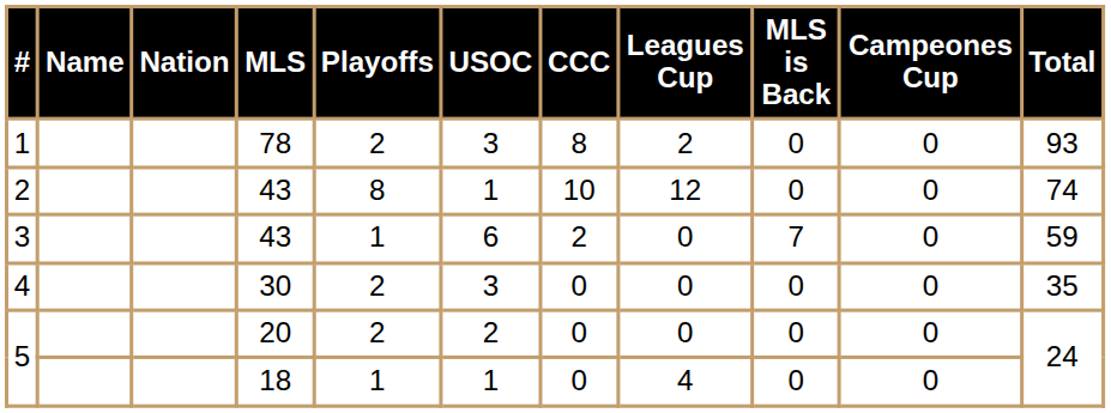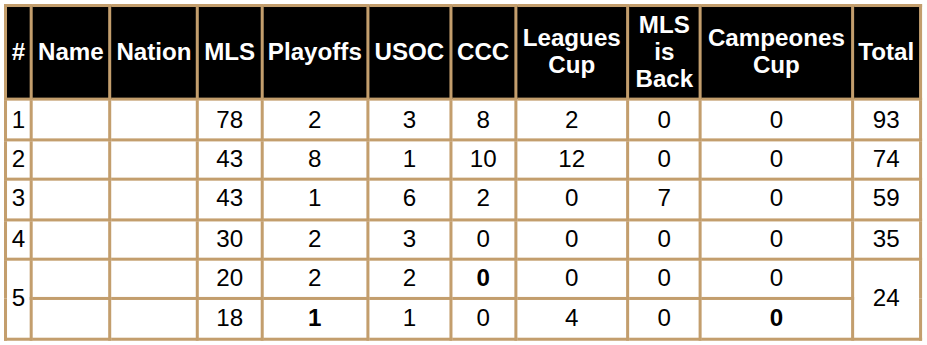 <table class="wikitable sortable" style="text-align:center;">
 <tr>
 <th style="background:#000; color:#FFF; border:2px solid #C39E6D;;" scope="col">#</th>
 <th style="background:#000; color:#FFF; border:2px solid #C39E6D;;" scope="col">Name</th>
 <th style="background:#000; color:#FFF; border:2px solid #C39E6D;;" scope="col">Nation</th>
 <th style="background:#000; color:#FFF; border:2px solid #C39E6D;;" scope="col">MLS</th>
 <th style="background:#000; color:#FFF; border:2px solid #C39E6D;;" scope="col">Playoffs</th>
 <th style="background:#000; color:#FFF; border:2px solid #C39E6D;;" scope="col">USOC</th>
 <th style="background:#000; color:#FFF; border:2px solid #C39E6D;;" scope="col">CCC</th>
 <th style="background:#000; color:#FFF; border:2px solid #C39E6D;;" scope="col">Leagues Cup</th>
 <th style="background:#000; color:#FFF; border:2px solid #C39E6D;;" scope="col">MLS is Back</th>
 <th style="background:#000; color:#FFF; border:2px solid #C39E6D;;" scope="col">Campeones Cup</th>
 <th style="background:#000; color:#FFF; border:2px solid #C39E6D;;" scope="col">Total</th>
 </tr>
 <tr>
 <td ! style="background:#FFFFFF; color:#000; border:2px solid #C39E6D;" scope="col">1</td>
 <th style="background:#FFFFFF; color:#000; border:2px solid #C39E6D;" scope="col"align="left"></th>
 <td ! style="background:#FFFFFF; color:#000; border:2px solid #C39E6D;" scope="col" align="left"></td>
 <td ! style="background:#FFFFFF; color:#000; border:2px solid #C39E6D;" scope="col">78</td>
 <td ! style="background:#FFFFFF; color:#000; border:2px solid #C39E6D;" scope="col">2</td>
 <td ! style="background:#FFFFFF; color:#000; border:2px solid #C39E6D;" scope="col">3</td>
 <td ! style="background:#FFFFFF; color:#000; border:2px solid #C39E6D;" scope="col">8</td>
 <td ! style="background:#FFFFFF; color:#000; border:2px solid #C39E6D;" scope="col">2</td>
 <td ! style="background:#FFFFFF; color:#000; border:2px solid #C39E6D;" scope="col">0</td>
 <td ! style="background:#FFFFFF; color:#000; border:2px solid #C39E6D;" scope="col">0</td>
 <td ! style="background:#FFFFFF; color:#000; border:2px solid #C39E6D;" scope="col">93</td>
 </tr>
 <tr>
 <td ! style="background:#FFFFFF; color:#000; border:2px solid #C39E6D;" scope="col">2</td>
 <th style="background:#FFFFFF; color:#000; border:2px solid #C39E6D;" scope="col" align="left"></th>
 <td ! style="background:#FFFFFF; color:#000; border:2px solid #C39E6D;" scope="col" align="left"></td>
 <td ! style="background:#FFFFFF; color:#000; border:2px solid #C39E6D;" scope="col">43</td>
 <td ! style="background:#FFFFFF; color:#000; border:2px solid #C39E6D;" scope="col">8</td>
 <td ! style="background:#FFFFFF; color:#000; border:2px solid #C39E6D;" scope="col">1</td>
 <td ! style="background:#FFFFFF; color:#000; border:2px solid #C39E6D;" scope="col">10</td>
 <td ! style="background:#FFFFFF; color:#000; border:2px solid #C39E6D;" scope="col">12</td>
 <td ! style="background:#FFFFFF; color:#000; border:2px solid #C39E6D;" scope="col">0</td>
 <td ! style="background:#FFFFFF; color:#000; border:2px solid #C39E6D;" scope="col">0</td>
 <td ! style="background:#FFFFFF; color:#000; border:2px solid #C39E6D;" scope="col">74</td>
 </tr>
 <tr>
 <td ! style="background:#FFFFFF; color:#000; border:2px solid #C39E6D;" scope="col">3</td>
 <th style="background:#FFFFFF; color:#000; border:2px solid #C39E6D;" scope="col"align="left"></th>
 <td ! style="background:#FFFFFF; color:#000; border:2px solid #C39E6D;" scope="col" align="left"></td>
 <td ! style="background:#FFFFFF; color:#000; border:2px solid #C39E6D;" scope="col">43</td>
 <td ! style="background:#FFFFFF; color:#000; border:2px solid #C39E6D;" scope="col">1</td>
 <td ! style="background:#FFFFFF; color:#000; border:2px solid #C39E6D;" scope="col">6</td>
 <td ! style="background:#FFFFFF; color:#000; border:2px solid #C39E6D;" scope="col">2</td>
 <td ! style="background:#FFFFFF; color:#000; border:2px solid #C39E6D;" scope="col">0</td>
 <td ! style="background:#FFFFFF; color:#000; border:2px solid #C39E6D;" scope="col">7</td>
 <td ! style="background:#FFFFFF; color:#000; border:2px solid #C39E6D;" scope="col">0</td>
 <td ! style="background:#FFFFFF; color:#000; border:2px solid #C39E6D;" scope="col">59</td>
 </tr>
 <tr>
 <td ! style="background:#FFFFFF; color:#000; border:2px solid #C39E6D;" scope="col">4</td>
 <th style="background:#FFFFFF; color:#000; border:2px solid #C39E6D;" scope="col" align="left"></th>
 <td ! style="background:#FFFFFF; color:#000; border:2px solid #C39E6D;" scope="col" align="left"></td>
 <td ! style="background:#FFFFFF; color:#000; border:2px solid #C39E6D;" scope="col">30</td>
 <td ! style="background:#FFFFFF; color:#000; border:2px solid #C39E6D;" scope="col">2</td>
 <td ! style="background:#FFFFFF; color:#000; border:2px solid #C39E6D;" scope="col">3</td>
 <td ! style="background:#FFFFFF; color:#000; border:2px solid #C39E6D;" scope="col">0</td>
 <td ! style="background:#FFFFFF; color:#000; border:2px solid #C39E6D;" scope="col">0</td>
 <td ! style="background:#FFFFFF; color:#000; border:2px solid #C39E6D;" scope="col">0</td>
 <td ! style="background:#FFFFFF; color:#000; border:2px solid #C39E6D;" scope="col">0</td>
 <td ! style="background:#FFFFFF; color:#000; border:2px solid #C39E6D;" scope="col">35</td>
 </tr>
 <tr>
 <td rowspan="2" ! style="background:#FFFFFF; color:#000; border:2px solid #C39E6D;" scope="col">5</td>
 <th style="background:#FFFFFF; color:#000; border:2px solid #C39E6D;" scope="col" align="left"></th>
 <td ! style="background:#FFFFFF; color:#000; border:2px solid #C39E6D;" scope="col"align="left"></td>
 <td ! style="background:#FFFFFF; color:#000; border:2px solid #C39E6D;" scope="col">20</td>
 <td ! style="background:#FFFFFF; color:#000; border:2px solid #C39E6D;" scope="col">2</td>
 <td ! style="background:#FFFFFF; color:#000; border:2px solid #C39E6D;" scope="col">2</td>
-<td ! style="background:#FFFFFF; color:#000; border:2px solid #C39E6D;" scope="col">0</td>
+<td ! style="background:#FFFFFF; color:#000; border:2px solid #C39E6D;" scope="col"><strong>0</strong></td>
 <td ! style="background:#FFFFFF; color:#000; border:2px solid #C39E6D;" scope="col">0</td>
 <td ! style="background:#FFFFFF; color:#000; border:2px solid #C39E6D;" scope="col">0</td>
 <td ! style="background:#FFFFFF; color:#000; border:2px solid #C39E6D;" scope="col">0</td>
 <td rowspan="2" ! style="background:#FFFFFF; color:#000; border:2px solid #C39E6D;" scope="col">24</td>
 </tr>
 <tr>
 <th style="background:#FFFFFF; color:#000; border:2px solid #C39E6D;" scope="col" align="left"></th>
 <td ! style="background:#FFFFFF; color:#000; border:2px solid #C39E6D;" scope="col"align="left"></td>
 <td ! style="background:#FFFFFF; color:#000; border:2px solid #C39E6D;" scope="col">18</td>
-<td ! style="background:#FFFFFF; color:#000; border:2px solid #C39E6D;" scope="col">1</td>
+<td ! style="background:#FFFFFF; color:#000; border:2px solid #C39E6D;" scope="col"><strong>1</strong></td>
 <td ! style="background:#FFFFFF; color:#000; border:2px solid #C39E6D;" scope="col">1</td>
 <td ! style="background:#FFFFFF; color:#000; border:2px solid #C39E6D;" scope="col">0</td>
 <td ! style="background:#FFFFFF; color:#000; border:2px solid #C39E6D;" scope="col">4</td>
 <td ! style="background:#FFFFFF; color:#000; border:2px solid #C39E6D;" scope="col">0</td>
-<td ! style="background:#FFFFFF; color:#000; border:2px solid #C39E6D;" scope="col">0</td>
+<td ! style="background:#FFFFFF; color:#000; border:2px solid #C39E6D;" scope="col"><strong>0</strong></td>
 </tr>
 </table>
